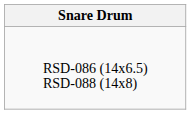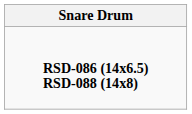 <table class="wikitable">
 <tr>
 <th>Snare Drum</th>
 </tr>
 <tr>
-<td><blockquote><br>RSD-086 (14x6.5)<br> RSD-088 (14x8)<br></blockquote></td>
+<td><strong><blockquote><br>RSD-086 (14x6.5)<br> RSD-088 (14x8)<br></blockquote></strong></td>
 </tr>
 </table>
